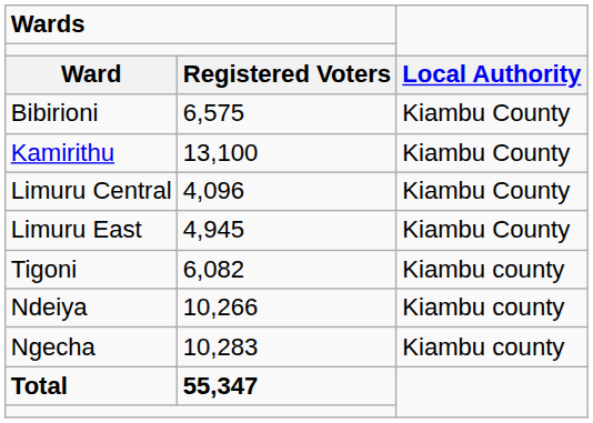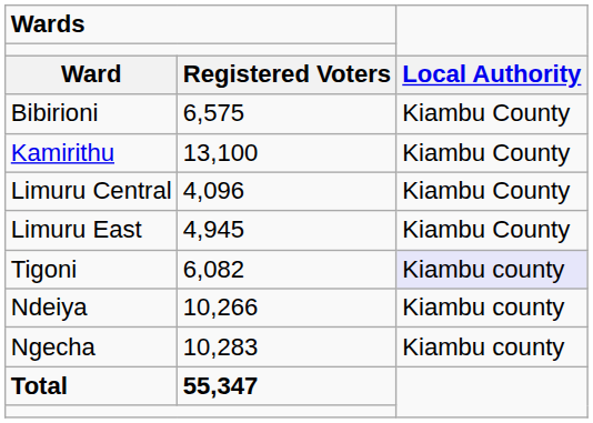 <table class="wikitable">
 <tr>
 <td colspan="2"><strong>Wards</strong></td>
 </tr>
 <tr>
 <td colspan="2"></td>
 </tr>
 <tr>
 <th>Ward</th>
 <th>Registered Voters</th>
 <th><a href='#'>Local Authority</a></th>
 </tr>
 <tr>
 <td>Bibirioni</td>
 <td>6,575</td>
 <td>Kiambu County</td>
 </tr>
 <tr>
 <td><a href='#'>Kamirithu</a></td>
 <td>13,100</td>
 <td>Kiambu County</td>
 </tr>
 <tr>
 <td>Limuru Central</td>
 <td>4,096</td>
 <td>Kiambu County</td>
 </tr>
 <tr>
 <td>Limuru East</td>
 <td>4,945</td>
 <td>Kiambu County</td>
 </tr>
 <tr>
 <td>Tigoni</td>
 <td>6,082</td>
-<td>Kiambu county</td>
+<td style="background: lavender;">Kiambu county</td>
 </tr>
 <tr>
 <td>Ndeiya</td>
 <td>10,266</td>
 <td>Kiambu county</td>
 </tr>
 <tr>
 <td>Ngecha</td>
 <td>10,283</td>
 <td>Kiambu county</td>
 </tr>
 <tr>
 <td><strong>Total</strong></td>
 <td><strong>55,347</strong></td>
 </tr>
 <tr>
 <td colspan="2"></td>
 </tr>
 </table>
